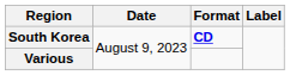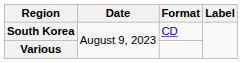 <table class="wikitable plainrowheaders">
 <tr>
 <th scope="col">Region</th>
 <th scope="col">Date</th>
 <th scope="col">Format</th>
 <th scope="col">Label</th>
 </tr>
 <tr>
 <th scope="row">South Korea</th>
 <td rowspan="2">August 9, 2023</td>
-<td><strong><a href='#'>CD</a></strong></td>
+<td><a href='#'>CD</a></td>
 <td rowspan="2"></td>
 </tr>
 <tr>
 <th scope="row">Various </th>
 <td></td>
 </tr>
 </table>
